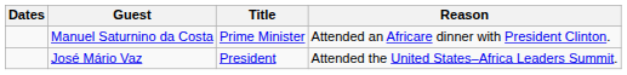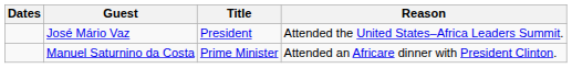 <table class="wikitable sortable">
 <tr>
 <th>Dates</th>
 <th>Guest</th>
 <th>Title</th>
 <th>Reason</th>
 </tr>
 <tr>
 <td></td>
+<td><a href='#'>José Mário Vaz</a></td>
+<td><a href='#'>President</a></td>
+<td>Attended the <a href='#'>United States–Africa Leaders Summit</a>.</td>
+</tr>
+<tr>
+<td></td>
 <td><a href='#'>Manuel Saturnino da Costa</a></td>
 <td><a href='#'>Prime Minister</a></td>
 <td>Attended an <a href='#'>Africare</a> dinner with <a href='#'>President Clinton</a>.</td>
 </tr>
-<tr>
-<td></td>
-<td><a href='#'>José Mário Vaz</a></td>
-<td><a href='#'>President</a></td>
-<td>Attended the <a href='#'>United States–Africa Leaders Summit</a>.</td>
-</tr>
 </table>
